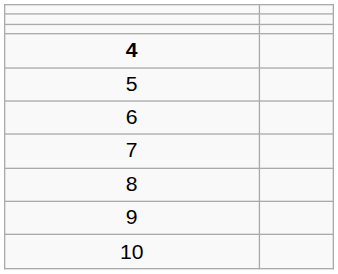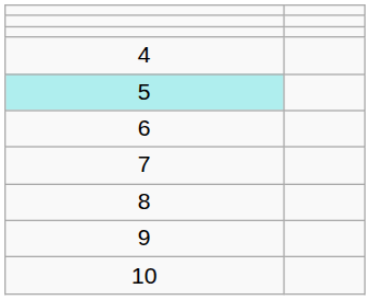 <table class="wikitable" width="250px">
 <tr>
 <td align=center></td>
 <td></td>
 </tr>
 <tr>
 <td align=center></td>
 <td></td>
 </tr>
 <tr>
 <td align=center></td>
 <td></td>
 </tr>
 <tr>
-<td align=center><strong>4</strong></td>
+<td align=center>4</td>
 <td></td>
 </tr>
 <tr>
-<td align=center>5</td>
+<td align=center style="background: paleturquoise;">5</td>
 <td></td>
 </tr>
 <tr>
 <td align=center>6</td>
 <td></td>
 </tr>
 <tr>
 <td align=center>7</td>
 <td></td>
 </tr>
 <tr>
 <td align=center>8</td>
 <td></td>
 </tr>
 <tr>
 <td align=center>9</td>
 <td></td>
 </tr>
 <tr>
 <td align=center>10</td>
 <td></td>
 </tr>
 </table>
